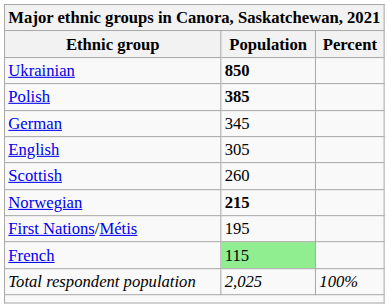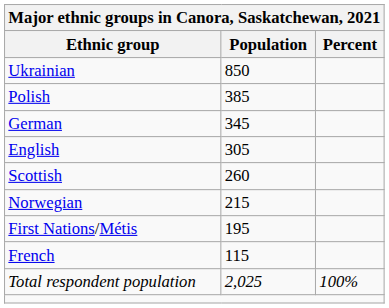 <table class="wikitable">
 <tr>
 <th colspan=3>Major ethnic groups in Canora, Saskatchewan, 2021</th>
 </tr>
 <tr>
 <th>Ethnic group</th>
 <th>Population</th>
 <th>Percent</th>
 </tr>
 <tr>
 <td><a href='#'>Ukrainian</a></td>
-<td><strong>850</strong></td>
+<td>850</td>
 <td></td>
 </tr>
 <tr>
 <td><a href='#'>Polish</a></td>
-<td><strong>385</strong></td>
+<td>385</td>
 <td></td>
 </tr>
 <tr>
 <td><a href='#'>German</a></td>
 <td>345</td>
 <td></td>
 </tr>
 <tr>
 <td><a href='#'>English</a></td>
 <td>305</td>
 <td></td>
 </tr>
 <tr>
 <td><a href='#'>Scottish</a></td>
 <td>260</td>
 <td></td>
 </tr>
 <tr>
 <td><a href='#'>Norwegian</a></td>
-<td><strong>215</strong></td>
+<td>215</td>
 <td></td>
 </tr>
 <tr>
 <td><a href='#'>First Nations</a>/<a href='#'>Métis</a></td>
 <td>195</td>
 <td></td>
 </tr>
 <tr>
 <td><a href='#'>French</a></td>
-<td style="background: lightgreen;">115</td>
+<td>115</td>
 <td></td>
 </tr>
 <tr>
 <td><em>Total respondent population</em></td>
 <td><em>2,025</em></td>
 <td><em>100%</em></td>
 </tr>
 <tr>
 <td colspan="9"></td>
 </tr>
 </table>
